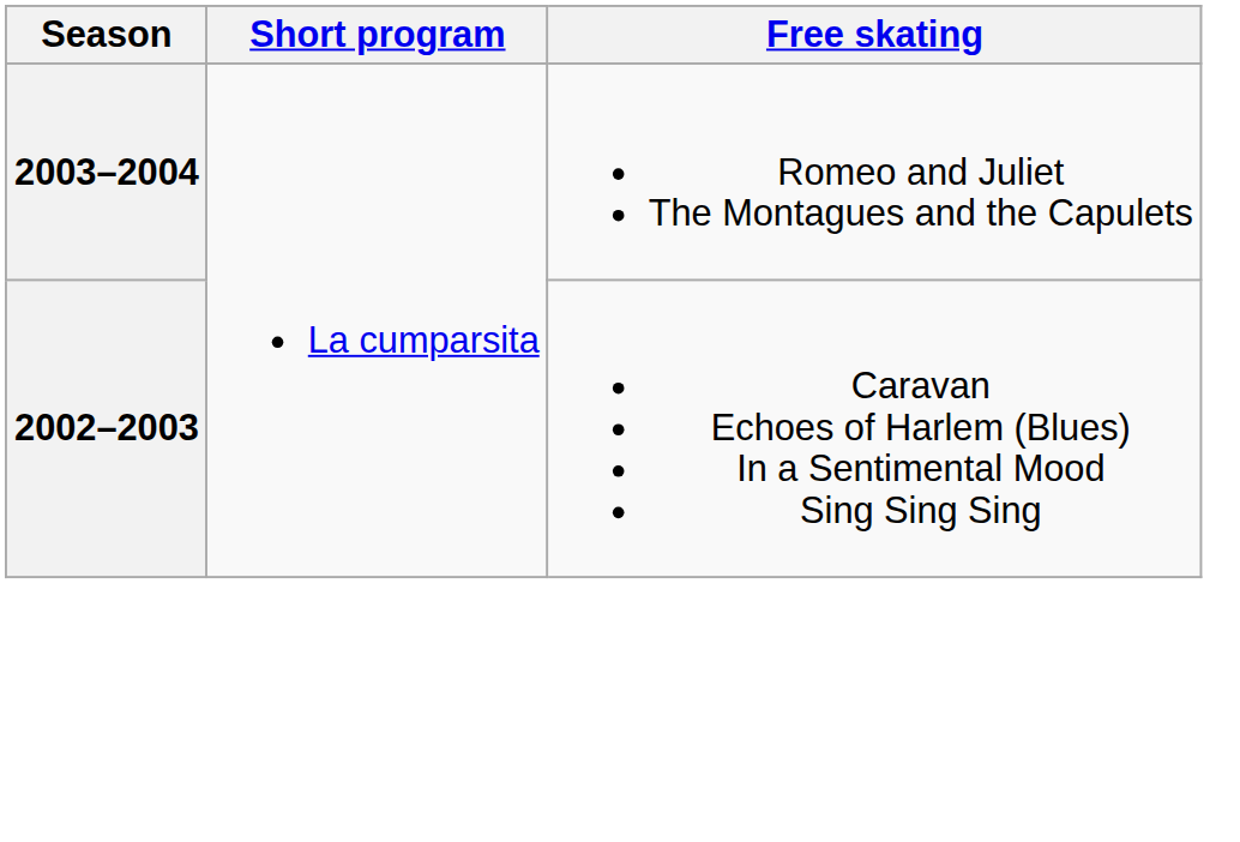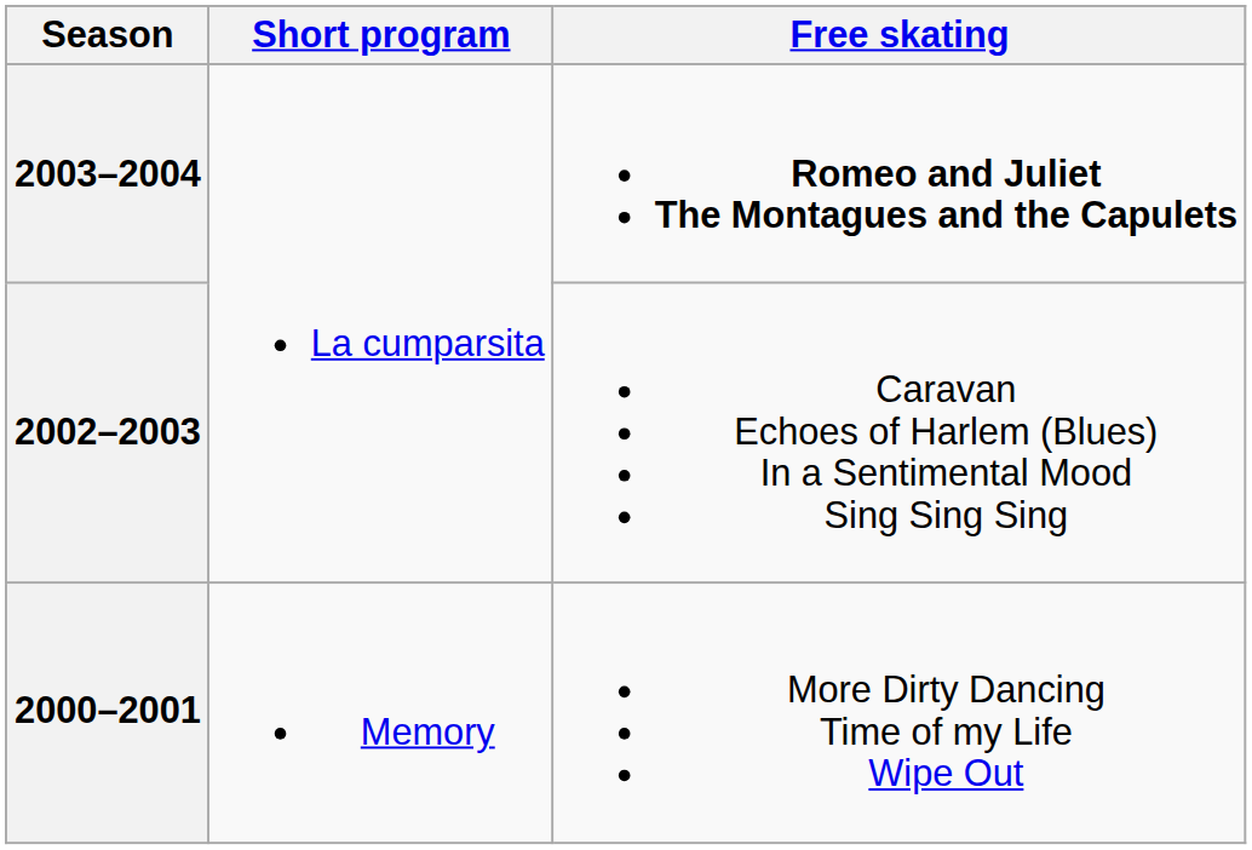 <table class=wikitable style=text-align:center>
 <tr>
 <th>Season</th>
 <th><a href='#'>Short program</a></th>
 <th><a href='#'>Free skating</a></th>
 </tr>
 <tr>
 <th>2003–2004 <br> </th>
 <td rowspan=2><br><ul><li><a href='#'>La cumparsita</a> <br></li></ul></td>
-<td><br><ul><li>Romeo and Juliet <br></li><li>The Montagues and the Capulets <br></li></ul></td>
+<td><strong><br><ul><li>Romeo and Juliet <br></li><li>The Montagues and the Capulets <br></li></ul></strong></td>
 </tr>
 <tr>
 <th>2002–2003 <br> </th>
 <td><br><ul><li>Caravan <br></li><li>Echoes of Harlem (Blues) <br></li><li>In a Sentimental Mood <br></li><li>Sing Sing Sing <br></li></ul></td>
 </tr>
+<tr>
+<th>2000–2001 <br> </th>
+<td><br><ul><li><a href='#'>Memory</a> <br></li></ul></td>
+<td><br><ul><li>More Dirty Dancing <br></li><li>Time of my Life <br></li><li><a href='#'>Wipe Out</a> <br></li></ul></td>
+</tr>
 </table>
